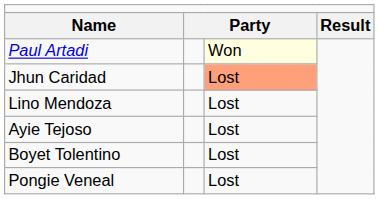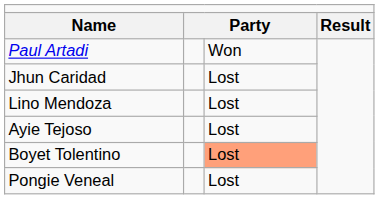 <table class=wikitable style="font-size:90%">
 <tr>
 <td colspan=4 bgcolor=></td>
 </tr>
 <tr>
 <th width=150px>Name</th>
 <th colspan=2 width=110px>Party</th>
 <th>Result</th>
 </tr>
 <tr>
 <td><em><a href='#'>Paul Artadi</a></em></td>
 <td></td>
-<td style="background: lightyellow;">Won</td>
+<td>Won</td>
 </tr>
 <tr>
 <td>Jhun Caridad</td>
 <td></td>
-<td style="background: lightsalmon;">Lost</td>
+<td>Lost</td>
 </tr>
 <tr>
 <td>Lino Mendoza</td>
 <td></td>
 <td>Lost</td>
 </tr>
 <tr>
 <td>Ayie Tejoso</td>
 <td></td>
 <td>Lost</td>
 </tr>
 <tr>
 <td>Boyet Tolentino</td>
 <td></td>
-<td>Lost</td>
+<td style="background: lightsalmon;">Lost</td>
 </tr>
 <tr>
 <td>Pongie Veneal</td>
 <td></td>
 <td>Lost</td>
 </tr>
 </table>
